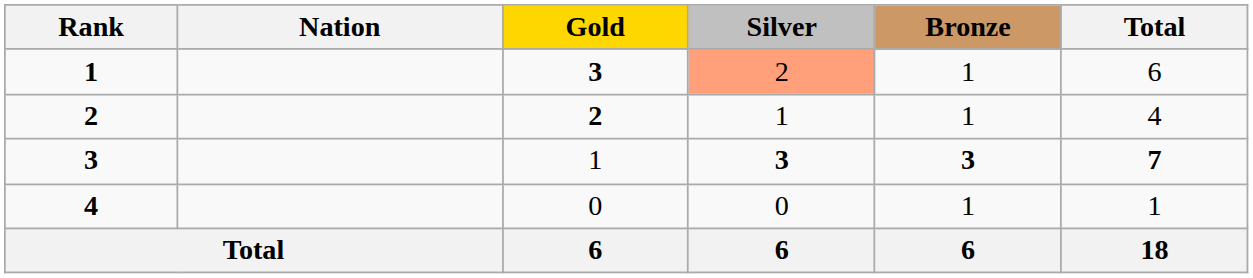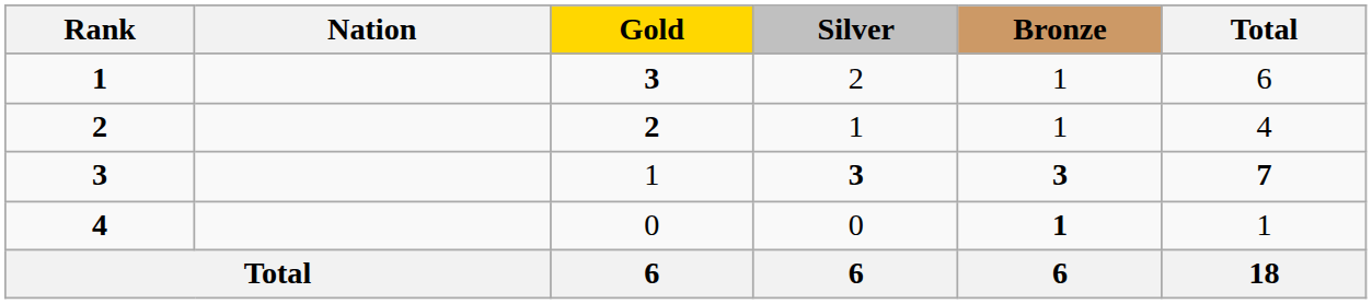 <table class="wikitable collapsible autocollapse plainrowheaders" width=80% style="text-align:center;">
 <tr style="background-color:#EDEDED;">
 <th width=100px class="hintergrundfarbe5">Rank</th>
 <th width=200px class="hintergrundfarbe6">Nation</th>
 <th style="background:    gold; width:15%">Gold</th>
 <th style="background:  silver; width:15%">Silver</th>
 <th style="background: #CC9966; width:15%">Bronze</th>
 <th class="hintergrundfarbe6" style="width:15%">Total</th>
 </tr>
 <tr>
 <td><strong>1</strong></td>
 <td align=left></td>
 <td><strong>3</strong></td>
-<td style="background: lightsalmon;">2</td>
+<td>2</td>
 <td>1</td>
 <td>6</td>
 </tr>
 <tr>
 <td><strong>2</strong></td>
 <td align=left></td>
 <td><strong>2</strong></td>
 <td>1</td>
 <td>1</td>
 <td>4</td>
 </tr>
 <tr>
 <td><strong>3</strong></td>
 <td align=left></td>
 <td>1</td>
 <td><strong>3</strong></td>
 <td><strong>3</strong></td>
 <td><strong>7</strong></td>
 </tr>
 <tr>
 <td><strong>4</strong></td>
 <td align=left></td>
 <td>0</td>
 <td>0</td>
-<td>1</td>
+<td><strong>1</strong></td>
 <td>1</td>
 </tr>
 <tr>
 <th colspan=2>Total</th>
 <th>6</th>
 <th>6</th>
 <th>6</th>
 <th>18</th>
 </tr>
 </table>
